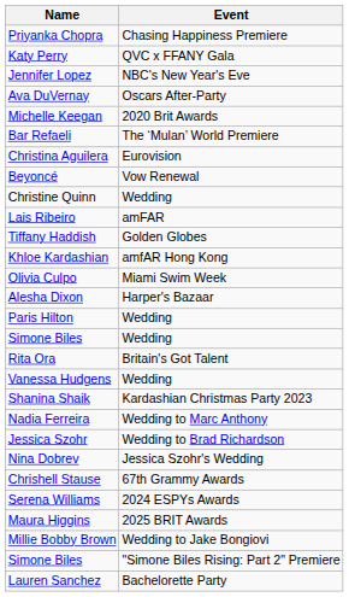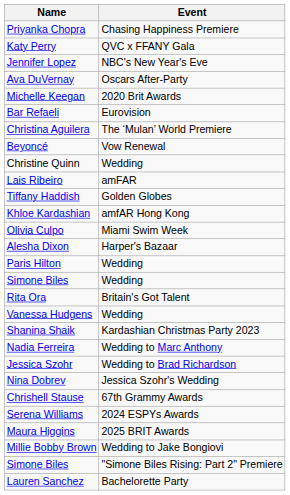 <table class="wikitable">
 <tr>
 <th>Name</th>
 <th>Event</th>
 </tr>
 <tr>
 <td><a href='#'>Priyanka Chopra</a></td>
 <td>Chasing Happiness Premiere</td>
 </tr>
 <tr>
 <td><a href='#'>Katy Perry</a></td>
 <td>QVC x FFANY Gala</td>
 </tr>
 <tr>
 <td><a href='#'>Jennifer Lopez</a></td>
 <td>NBC's New Year's Eve</td>
 </tr>
 <tr>
 <td><a href='#'>Ava DuVernay</a></td>
 <td>Oscars After-Party</td>
 </tr>
 <tr>
 <td><a href='#'>Michelle Keegan</a></td>
 <td>2020 Brit Awards</td>
 </tr>
 <tr>
 <td><a href='#'>Bar Refaeli</a></td>
-<td>The ‘Mulan’ World Premiere</td>
+<td>Eurovision</td>
 </tr>
 <tr>
 <td><a href='#'>Christina Aguilera</a></td>
-<td>Eurovision</td>
+<td>The ‘Mulan’ World Premiere</td>
 </tr>
 <tr>
 <td><a href='#'>Beyoncé</a></td>
 <td>Vow Renewal</td>
 </tr>
 <tr>
 <td>Christine Quinn</td>
 <td>Wedding</td>
 </tr>
 <tr>
 <td><a href='#'>Lais Ribeiro</a></td>
 <td>amFAR</td>
 </tr>
 <tr>
 <td><a href='#'>Tiffany Haddish</a></td>
 <td>Golden Globes</td>
 </tr>
 <tr>
 <td><a href='#'>Khloe Kardashian</a></td>
 <td>amfAR Hong Kong</td>
 </tr>
 <tr>
 <td><a href='#'>Olivia Culpo</a></td>
 <td>Miami Swim Week</td>
 </tr>
 <tr>
 <td><a href='#'>Alesha Dixon</a></td>
 <td>Harper's Bazaar</td>
 </tr>
 <tr>
 <td><a href='#'>Paris Hilton</a></td>
 <td>Wedding</td>
 </tr>
 <tr>
 <td><a href='#'>Simone Biles</a></td>
 <td>Wedding</td>
 </tr>
 <tr>
 <td><a href='#'>Rita Ora</a></td>
 <td>Britain's Got Talent</td>
 </tr>
 <tr>
 <td><a href='#'>Vanessa Hudgens</a></td>
 <td>Wedding</td>
 </tr>
 <tr>
 <td><a href='#'>Shanina Shaik</a></td>
 <td>Kardashian Christmas Party 2023</td>
 </tr>
 <tr>
 <td><a href='#'>Nadia Ferreira</a></td>
 <td>Wedding to <a href='#'>Marc Anthony</a></td>
 </tr>
 <tr>
 <td><a href='#'>Jessica Szohr</a></td>
 <td>Wedding to <a href='#'>Brad Richardson</a></td>
 </tr>
 <tr>
 <td><a href='#'>Nina Dobrev</a></td>
 <td>Jessica Szohr's Wedding</td>
 </tr>
 <tr>
 <td><a href='#'>Chrishell Stause</a></td>
 <td>67th Grammy Awards</td>
 </tr>
 <tr>
 <td><a href='#'>Serena Williams</a></td>
 <td>2024 ESPYs Awards</td>
 </tr>
 <tr>
 <td><a href='#'>Maura Higgins</a></td>
 <td>2025 BRIT Awards</td>
 </tr>
 <tr>
 <td><a href='#'>Millie Bobby Brown</a></td>
 <td>Wedding to Jake Bongiovi</td>
 </tr>
 <tr>
 <td><a href='#'>Simone Biles</a></td>
 <td>"Simone Biles Rising: Part 2" Premiere</td>
 </tr>
 <tr>
 <td><a href='#'>Lauren Sanchez</a></td>
 <td>Bachelorette Party </td>
 </tr>
 </table>
